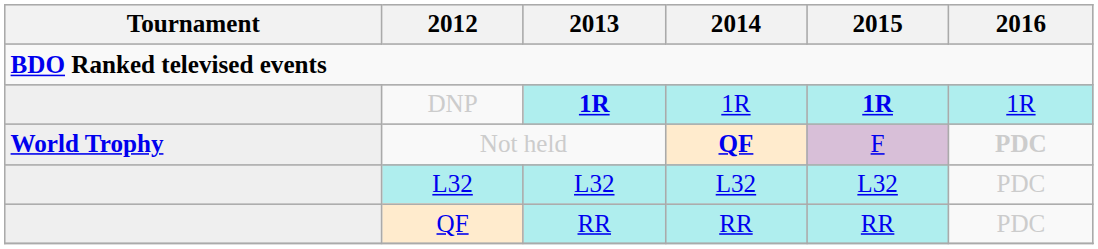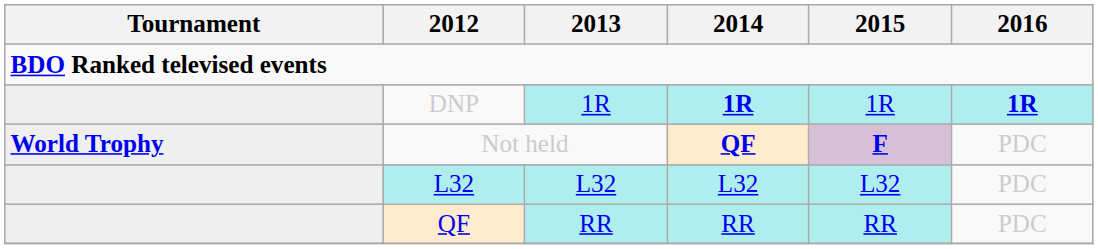 <table class="wikitable" style="width:35%; margin:0">
 <tr>
 <th>Tournament</th>
 <th>2012</th>
 <th>2013</th>
 <th>2014</th>
 <th>2015</th>
 <th>2016</th>
 </tr>
 <tr>
 <td colspan="20" style="text-align:left"><strong><a href='#'>BDO</a> Ranked televised events</strong></td>
 </tr>
 <tr>
 <td style="background:#efefef;"></td>
 <td style="text-align:center; color:#ccc;">DNP</td>
+<td style="text-align:center; background:#afeeee;"><a href='#'>1R</a></td>
 <td style="text-align:center; background:#afeeee;"><strong><a href='#'>1R</a></strong></td>
 <td style="text-align:center; background:#afeeee;"><a href='#'>1R</a></td>
 <td style="text-align:center; background:#afeeee;"><strong><a href='#'>1R</a></strong></td>
-<td style="text-align:center; background:#afeeee;"><a href='#'>1R</a></td>
 </tr>
 <tr>
 <td style="background:#efefef;"><strong><a href='#'>World Trophy</a></strong></td>
 <td colspan="2" style="text-align:center; color:#ccc;">Not held</td>
 <td style="text-align:center; background:#ffebcd;"><strong><a href='#'>QF</a></strong></td>
-<td style="text-align:center; background:thistle;"><a href='#'>F</a></td>
-<td style="text-align:center; color:#ccc;"><strong>PDC</strong></td>
+<td style="text-align:center; background:thistle;"><strong><a href='#'>F</a></strong></td>
+<td style="text-align:center; color:#ccc;">PDC</td>
 </tr>
 <tr>
 <td style="background:#efefef;"></td>
 <td style="text-align:center; background:#afeeee;"><a href='#'>L32</a></td>
 <td style="text-align:center; background:#afeeee;"><a href='#'>L32</a></td>
 <td style="text-align:center; background:#afeeee;"><a href='#'>L32</a></td>
 <td style="text-align:center; background:#afeeee;"><a href='#'>L32</a></td>
 <td style="text-align:center; color:#ccc;">PDC</td>
 </tr>
 <tr>
 <td style="background:#efefef;"></td>
 <td style="text-align:center; background:#ffebcd;"><a href='#'>QF</a></td>
 <td style="text-align:center; background:#afeeee;"><a href='#'>RR</a></td>
 <td style="text-align:center; background:#afeeee;"><a href='#'>RR</a></td>
 <td style="text-align:center; background:#afeeee;"><a href='#'>RR</a></td>
 <td style="text-align:center; color:#ccc;">PDC</td>
 </tr>
 <tr>
 </tr>
 </table>
